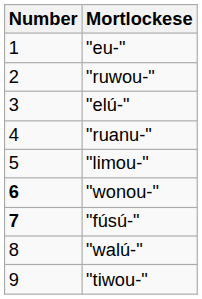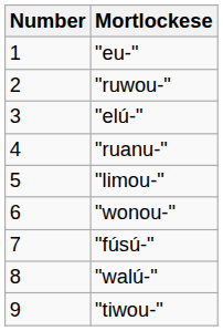 <table class="wikitable">
 <tr>
 <th>Number</th>
 <th>Mortlockese</th>
 </tr>
 <tr>
 <td>1</td>
 <td>"eu-"</td>
 </tr>
 <tr>
 <td>2</td>
 <td>"ruwou-"</td>
 </tr>
 <tr>
 <td>3</td>
 <td>"elú-"</td>
 </tr>
 <tr>
 <td>4</td>
 <td>"ruanu-"</td>
 </tr>
 <tr>
 <td>5</td>
 <td>"limou-"</td>
 </tr>
 <tr>
-<td><strong>6</strong></td>
+<td>6</td>
 <td>"wonou-"</td>
 </tr>
 <tr>
-<td><strong>7</strong></td>
+<td>7</td>
 <td>"fúsú-"</td>
 </tr>
 <tr>
 <td>8</td>
 <td>"walú-"</td>
 </tr>
 <tr>
 <td>9</td>
 <td>"tiwou-"</td>
 </tr>
 </table>
